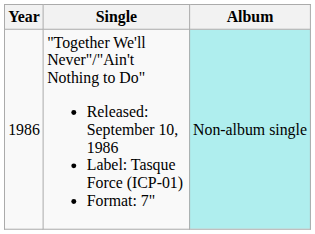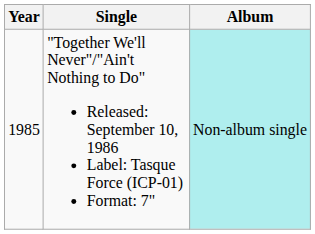 <table class="wikitable" border="1">
 <tr>
 <th>Year</th>
 <th width="140">Single</th>
 <th>Album</th>
 </tr>
 <tr>
-<td>1986</td>
+<td>1985</td>
 <td>"Together We'll Never"/"Ain't Nothing to Do"<br><ul><li>Released: September 10, 1986</li><li>Label: Tasque Force (ICP-01)</li><li>Format: 7"</li></ul></td>
 <td align="center" style="background: paleturquoise;">Non-album single</td>
 </tr>
 </table>
